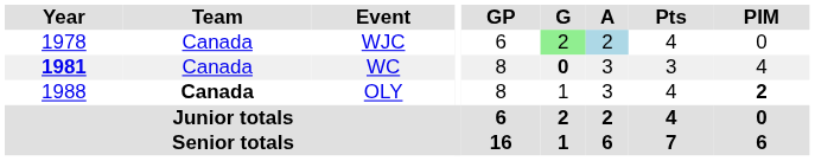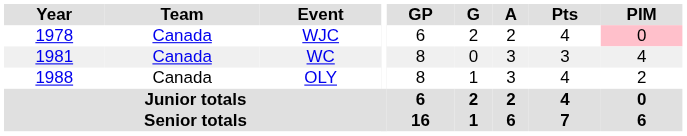 <table border="0" cellpadding="1" cellspacing="0" ID="Table3" style="text-align:center; width:40em">
 <tr bgcolor="#e0e0e0">
 <th>Year</th>
 <th>Team</th>
 <th>Event</th>
 <th rowspan="102" bgcolor="#ffffff"></th>
 <th>GP</th>
 <th>G</th>
 <th>A</th>
 <th>Pts</th>
 <th>PIM</th>
 </tr>
 <tr>
 <td><a href='#'>1978</a></td>
 <td><a href='#'>Canada</a></td>
 <td><a href='#'>WJC</a></td>
 <td>6</td>
-<td style="background: lightgreen;">2</td>
-<td style="background: lightblue;">2</td>
+<td>2</td>
+<td>2</td>
 <td>4</td>
-<td>0</td>
+<td style="background: pink;">0</td>
 </tr>
 <tr bgcolor="#f0f0f0">
-<td><strong><a href='#'>1981</a></strong></td>
+<td><a href='#'>1981</a></td>
 <td><a href='#'>Canada</a></td>
 <td><a href='#'>WC</a></td>
 <td>8</td>
-<td><strong>0</strong></td>
+<td>0</td>
 <td>3</td>
 <td>3</td>
 <td>4</td>
 </tr>
 <tr>
 <td><a href='#'>1988</a></td>
-<td><strong>Canada</strong></td>
+<td>Canada</td>
 <td><a href='#'>OLY</a></td>
 <td>8</td>
 <td>1</td>
 <td>3</td>
 <td>4</td>
-<td><strong>2</strong></td>
+<td>2</td>
 </tr>
 <tr bgcolor="#e0e0e0">
 <th colspan="4">Junior totals</th>
 <th>6</th>
 <th>2</th>
 <th>2</th>
 <th>4</th>
 <th>0</th>
 </tr>
 <tr bgcolor="#e0e0e0">
 <th colspan="4">Senior totals</th>
 <th>16</th>
 <th>1</th>
 <th>6</th>
 <th>7</th>
 <th>6</th>
 </tr>
 </table>
